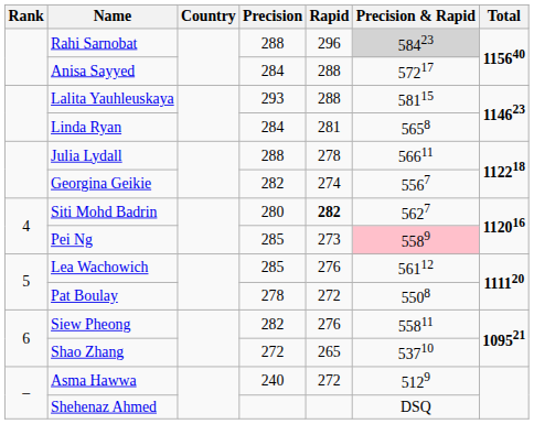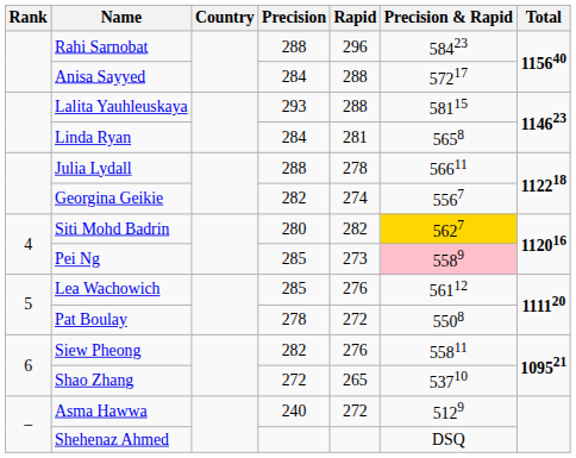 <table class="wikitable sortable" style="text-align:center;">
 <tr>
 <th>Rank</th>
 <th>Name</th>
 <th>Country</th>
 <th>Precision</th>
 <th>Rapid</th>
 <th>Precision & Rapid</th>
 <th>Total</th>
 </tr>
 <tr>
 <td rowspan=2></td>
 <td align=left><a href='#'>Rahi Sarnobat</a></td>
 <td rowspan=2></td>
 <td>288</td>
 <td>296</td>
-<td style="background: lightgrey;">584<sup>23</sup></td>
+<td>584<sup>23</sup></td>
 <td rowspan=2><strong>1156<sup>40</sup></strong></td>
 </tr>
 <tr>
 <td align=left><a href='#'>Anisa Sayyed</a></td>
 <td>284</td>
 <td>288</td>
 <td>572<sup>17</sup></td>
 </tr>
 <tr>
 <td rowspan=2></td>
 <td align=left><a href='#'>Lalita Yauhleuskaya</a></td>
 <td rowspan=2></td>
 <td>293</td>
 <td>288</td>
 <td>581<sup>15</sup></td>
 <td rowspan=2><strong>1146<sup>23</sup></strong></td>
 </tr>
 <tr>
 <td align=left><a href='#'>Linda Ryan</a></td>
 <td>284</td>
 <td>281</td>
 <td>565<sup>8</sup></td>
 </tr>
 <tr>
 <td rowspan=2></td>
 <td align=left><a href='#'>Julia Lydall</a></td>
 <td rowspan=2></td>
 <td>288</td>
 <td>278</td>
 <td>566<sup>11</sup></td>
 <td rowspan=2><strong>1122<sup>18</sup></strong></td>
 </tr>
 <tr>
 <td align=left><a href='#'>Georgina Geikie</a></td>
 <td>282</td>
 <td>274</td>
 <td>556<sup>7</sup></td>
 </tr>
 <tr>
 <td rowspan=2>4</td>
 <td align=left><a href='#'>Siti Mohd Badrin</a></td>
 <td rowspan=2></td>
 <td>280</td>
-<td><strong>282</strong></td>
-<td>562<sup>7</sup></td>
+<td>282</td>
+<td style="background: gold;">562<sup>7</sup></td>
 <td rowspan=2><strong>1120<sup>16</sup></strong></td>
 </tr>
 <tr>
 <td align=left><a href='#'>Pei Ng</a></td>
 <td>285</td>
 <td>273</td>
 <td style="background: pink;">558<sup>9</sup></td>
 </tr>
 <tr>
 <td rowspan=2>5</td>
 <td align=left><a href='#'>Lea Wachowich</a></td>
 <td rowspan=2></td>
 <td>285</td>
 <td>276</td>
 <td>561<sup>12</sup></td>
 <td rowspan=2><strong>1111<sup>20</sup></strong></td>
 </tr>
 <tr>
 <td align=left><a href='#'>Pat Boulay</a></td>
 <td>278</td>
 <td>272</td>
 <td>550<sup>8</sup></td>
 </tr>
 <tr>
 <td rowspan=2>6</td>
 <td align=left><a href='#'>Siew Pheong</a></td>
 <td rowspan=2></td>
 <td>282</td>
 <td>276</td>
 <td>558<sup>11</sup></td>
 <td rowspan=2><strong>1095<sup>21</sup></strong></td>
 </tr>
 <tr>
 <td align=left><a href='#'>Shao Zhang</a></td>
 <td>272</td>
 <td>265</td>
 <td>537<sup>10</sup></td>
 </tr>
 <tr>
 <td rowspan=2>–</td>
 <td align=left><a href='#'>Asma Hawwa</a></td>
 <td rowspan=2></td>
 <td>240</td>
 <td>272</td>
 <td>512<sup>9</sup></td>
 <td rowspan=2></td>
 </tr>
 <tr>
 <td align=left><a href='#'>Shehenaz Ahmed</a></td>
 <td></td>
 <td></td>
 <td>DSQ</td>
 </tr>
 </table>
